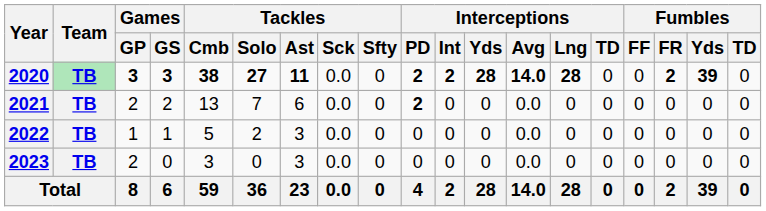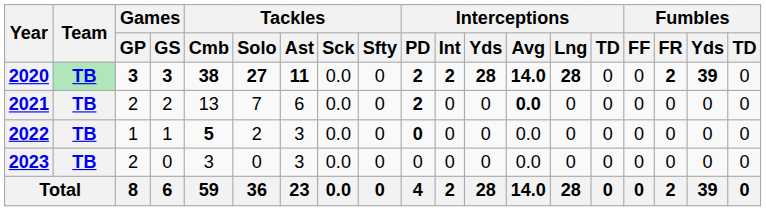 <table class="wikitable" style="text-align: center;">
 <tr>
 <th rowspan="2">Year</th>
 <th rowspan="2">Team</th>
 <th colspan="2">Games</th>
 <th colspan="5">Tackles</th>
 <th colspan="6">Interceptions</th>
 <th colspan="4">Fumbles</th>
 </tr>
 <tr>
 <th>GP</th>
 <th>GS</th>
 <th>Cmb</th>
 <th>Solo</th>
 <th>Ast</th>
 <th>Sck</th>
 <th>Sfty</th>
 <th>PD</th>
 <th>Int</th>
 <th>Yds</th>
 <th>Avg</th>
 <th>Lng</th>
 <th>TD</th>
 <th>FF</th>
 <th>FR</th>
 <th>Yds</th>
 <th>TD</th>
 </tr>
 <tr>
 <th><a href='#'>2020</a></th>
 <th style="background:#afe6ba; width:3em;"><a href='#'>TB</a></th>
 <td><strong>3</strong></td>
 <td><strong>3</strong></td>
 <td><strong>38</strong></td>
 <td><strong>27</strong></td>
 <td><strong>11</strong></td>
 <td>0.0</td>
 <td>0</td>
 <td><strong>2</strong></td>
 <td><strong>2</strong></td>
 <td><strong>28</strong></td>
 <td><strong>14.0</strong></td>
 <td><strong>28</strong></td>
 <td>0</td>
 <td>0</td>
 <td><strong>2</strong></td>
 <td><strong>39</strong></td>
 <td>0</td>
 </tr>
 <tr>
 <th><a href='#'>2021</a></th>
 <th><a href='#'>TB</a></th>
 <td>2</td>
 <td>2</td>
 <td>13</td>
 <td>7</td>
 <td>6</td>
 <td>0.0</td>
 <td>0</td>
 <td><strong>2</strong></td>
 <td>0</td>
 <td>0</td>
-<td>0.0</td>
+<td><strong>0.0</strong></td>
 <td>0</td>
 <td>0</td>
 <td>0</td>
 <td>0</td>
 <td>0</td>
 <td>0</td>
 </tr>
 <tr>
 <th><a href='#'>2022</a></th>
 <th><a href='#'>TB</a></th>
 <td>1</td>
 <td>1</td>
-<td>5</td>
+<td><strong>5</strong></td>
 <td>2</td>
 <td>3</td>
 <td>0.0</td>
 <td>0</td>
-<td>0</td>
+<td><strong>0</strong></td>
 <td>0</td>
 <td>0</td>
 <td>0.0</td>
 <td>0</td>
 <td>0</td>
 <td>0</td>
 <td>0</td>
 <td>0</td>
 <td>0</td>
 </tr>
 <tr>
 <th><a href='#'>2023</a></th>
 <th><a href='#'>TB</a></th>
 <td>2</td>
 <td>0</td>
 <td>3</td>
 <td>0</td>
 <td>3</td>
 <td>0.0</td>
 <td>0</td>
 <td>0</td>
 <td>0</td>
 <td>0</td>
 <td>0.0</td>
 <td>0</td>
 <td>0</td>
 <td>0</td>
 <td>0</td>
 <td>0</td>
 <td>0</td>
 </tr>
 <tr>
 <th colspan="2">Total</th>
 <th>8</th>
 <th>6</th>
 <th>59</th>
 <th>36</th>
 <th>23</th>
 <th>0.0</th>
 <th>0</th>
 <th>4</th>
 <th>2</th>
 <th>28</th>
 <th>14.0</th>
 <th>28</th>
 <th>0</th>
 <th>0</th>
 <th>2</th>
 <th>39</th>
 <th>0</th>
 </tr>
 </table>
